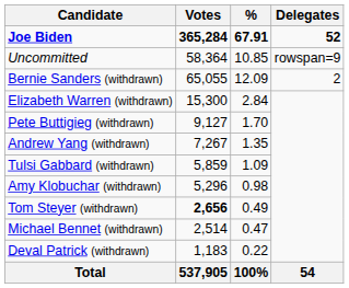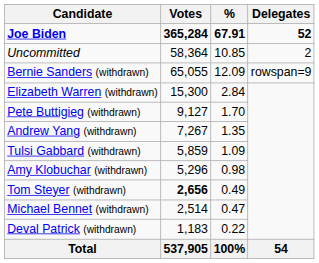 <table class="wikitable sortable" style="text-align:right;">
 <tr>
 <th>Candidate</th>
 <th>Votes</th>
 <th>%</th>
 <th>Delegates</th>
 </tr>
 <tr>
 <td style="text-align:left;" data-sort-value="Biden, Joe"><strong><a href='#'>Joe Biden</a></strong></td>
 <td><strong>365,284</strong></td>
 <td><strong>67.91</strong></td>
 <td><strong>52</strong></td>
 </tr>
 <tr>
 <td style="text-align:left;" data-sort-value="Uncommitted"><em>Uncommitted</em></td>
 <td>58,364</td>
 <td>10.85</td>
-<td>rowspan=9 </td>
+<td>2</td>
 </tr>
 <tr>
 <td style="text-align:left;" data-sort-value="Sanders, Bernie"><a href='#'>Bernie Sanders</a> <small>(withdrawn)</small></td>
 <td>65,055</td>
 <td>12.09</td>
-<td>2</td>
+<td>rowspan=9 </td>
 </tr>
 <tr>
 <td style="text-align:left;" data-sort-value="Warren, Elizabeth"><a href='#'>Elizabeth Warren</a> <small>(withdrawn)</small></td>
 <td>15,300</td>
 <td>2.84</td>
 </tr>
 <tr>
 <td style="text-align:left;" data-sort-value="Buttigieg, Pete"><a href='#'>Pete Buttigieg</a> <small>(withdrawn)</small></td>
 <td>9,127</td>
 <td>1.70</td>
 </tr>
 <tr>
 <td style="text-align:left;" data-sort-value="Yang, Andrew"><a href='#'>Andrew Yang</a> <small>(withdrawn)</small></td>
 <td>7,267</td>
 <td>1.35</td>
 </tr>
 <tr>
 <td style="text-align:left;" data-sort-value="Gabbard, Tulsi"><a href='#'>Tulsi Gabbard</a> <small>(withdrawn)</small></td>
 <td>5,859</td>
 <td>1.09</td>
 </tr>
 <tr>
 <td style="text-align:left;" data-sort-value="Klobuchar, Amy"><a href='#'>Amy Klobuchar</a> <small>(withdrawn)</small></td>
 <td>5,296</td>
 <td>0.98</td>
 </tr>
 <tr>
 <td style="text-align:left;" data-sort-value="Steyer, Tom"><a href='#'>Tom Steyer</a> <small>(withdrawn)</small></td>
 <td><strong>2,656</strong></td>
 <td>0.49</td>
 </tr>
 <tr>
 <td style="text-align:left;" data-sort-value="Bennet, Michael"><a href='#'>Michael Bennet</a> <small>(withdrawn)</small></td>
 <td>2,514</td>
 <td>0.47</td>
 </tr>
 <tr>
 <td style="text-align:left;" data-sort-value="Patrick, Deval"><a href='#'>Deval Patrick</a> <small>(withdrawn)</small></td>
 <td>1,183</td>
 <td>0.22</td>
 </tr>
 <tr>
 <th>Total</th>
 <th>537,905</th>
 <th>100%</th>
 <th>54</th>
 </tr>
 </table>
